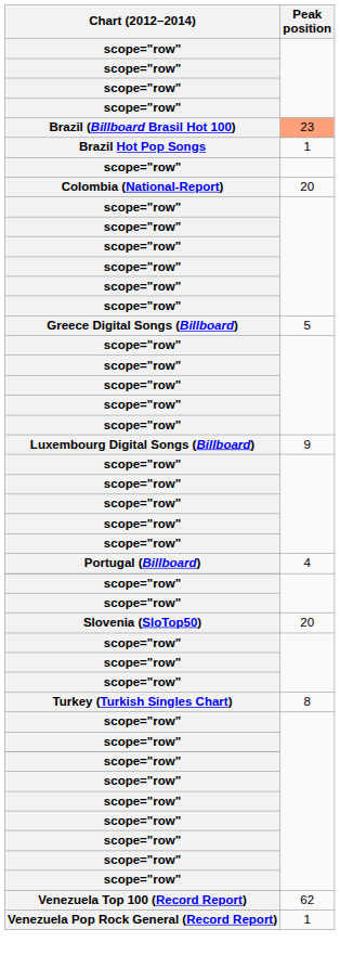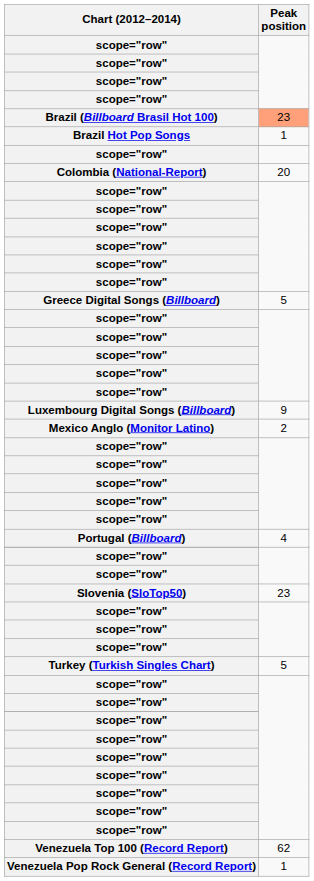 <table class="wikitable sortable plainrowheaders" style="text-align:center">
 <tr>
 <th scope="col">Chart (2012–2014)</th>
 <th scope="col">Peak<br> position</th>
 </tr>
 <tr>
 <th>scope="row"</th>
 </tr>
 <tr>
 <th>scope="row"</th>
 </tr>
 <tr>
 <th>scope="row"</th>
 </tr>
 <tr>
 <th>scope="row"</th>
 </tr>
 <tr>
 <th scope="row">Brazil (<a href='#'><em>Billboard</em> Brasil Hot 100</a>)</th>
 <td style="background: lightsalmon;">23</td>
 </tr>
 <tr>
 <th scope="row">Brazil <a href='#'>Hot Pop Songs</a></th>
 <td>1</td>
 </tr>
 <tr>
 <th>scope="row" </th>
 </tr>
 <tr>
 <th scope="row">Colombia (<a href='#'>National-Report</a>)</th>
 <td>20</td>
 </tr>
 <tr>
 <th>scope="row" </th>
 </tr>
 <tr>
 <th>scope="row" </th>
 </tr>
 <tr>
 <th>scope="row" </th>
 </tr>
 <tr>
 <th>scope="row" </th>
 </tr>
 <tr>
 <th>scope="row" </th>
 </tr>
 <tr>
 <th>scope="row" </th>
 </tr>
 <tr>
 <th scope="row">Greece Digital Songs (<em><a href='#'>Billboard</a></em>)</th>
 <td>5</td>
 </tr>
 <tr>
 <th>scope="row"</th>
 </tr>
 <tr>
 <th>scope="row" </th>
 </tr>
 <tr>
 <th>scope="row" </th>
 </tr>
 <tr>
 <th>scope="row" </th>
 </tr>
 <tr>
 <th>scope="row" </th>
 </tr>
 <tr>
 <th scope="row">Luxembourg Digital Songs (<em><a href='#'>Billboard</a></em>)</th>
 <td>9</td>
 </tr>
 <tr>
+<th scope="row">Mexico Anglo (<a href='#'>Monitor Latino</a>)</th>
+<td>2</td>
+</tr>
+<tr>
 <th>scope="row" </th>
 </tr>
 <tr>
 <th>scope="row" </th>
 </tr>
 <tr>
 <th>scope="row" </th>
 </tr>
 <tr>
 <th>scope="row" </th>
 </tr>
 <tr>
 <th>scope="row" </th>
 </tr>
 <tr>
 <th scope="row">Portugal (<em><a href='#'>Billboard</a></em>)</th>
 <td>4</td>
 </tr>
 <tr>
 </tr>
 <tr>
 <th>scope="row" </th>
 </tr>
 <tr>
 <th>scope="row" </th>
 </tr>
 <tr>
 <th scope="row">Slovenia (<a href='#'>SloTop50</a>)</th>
-<td align=center>20</td>
+<td align=center>23</td>
 </tr>
 <tr>
 <th>scope="row" </th>
 </tr>
 <tr>
 <th>scope="row" </th>
 </tr>
 <tr>
 <th>scope="row" </th>
 </tr>
 <tr>
 <th scope="row">Turkey (<a href='#'>Turkish Singles Chart</a>)</th>
-<td>8</td>
+<td>5</td>
 </tr>
 <tr>
 <th>scope="row" </th>
 </tr>
 <tr>
 <th>scope="row" </th>
 </tr>
 <tr>
 </tr>
 <tr>
 <th>scope="row" </th>
 </tr>
 <tr>
 <th>scope="row" </th>
 </tr>
 <tr>
 <th>scope="row" </th>
 </tr>
 <tr>
 <th>scope="row" </th>
 </tr>
 <tr>
 <th>scope="row" </th>
 </tr>
 <tr>
 <th>scope="row" </th>
 </tr>
 <tr>
 <th>scope="row" </th>
 </tr>
 <tr>
 <th scope="row">Venezuela Top 100 (<a href='#'>Record Report</a>)</th>
 <td>62</td>
 </tr>
 <tr>
 <th scope="row">Venezuela Pop Rock General (<a href='#'>Record Report</a>)</th>
 <td>1</td>
 </tr>
 </table>
